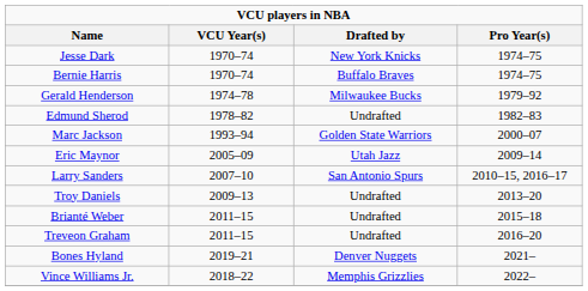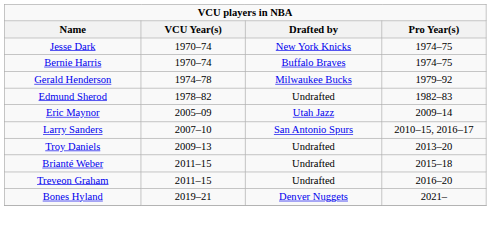 <table class="wikitable sortable" style="text-align:center">
 <tr>
 <td colspan="4"><strong>VCU players in NBA</strong></td>
 </tr>
 <tr>
 <th width=200px>Name</th>
 <th width=150px>VCU Year(s)</th>
 <th width=200px>Drafted by</th>
 <th width=150px>Pro Year(s)</th>
 </tr>
 <tr>
 <td><a href='#'>Jesse Dark</a></td>
 <td>1970–74</td>
 <td><a href='#'>New York Knicks</a></td>
 <td>1974–75</td>
 </tr>
 <tr>
 <td><a href='#'>Bernie Harris</a></td>
 <td>1970–74</td>
 <td><a href='#'>Buffalo Braves</a></td>
 <td>1974–75</td>
 </tr>
 <tr>
 <td><a href='#'>Gerald Henderson</a></td>
 <td>1974–78</td>
 <td><a href='#'>Milwaukee Bucks</a></td>
 <td>1979–92</td>
 </tr>
 <tr>
 <td><a href='#'>Edmund Sherod</a></td>
 <td>1978–82</td>
 <td>Undrafted</td>
 <td>1982–83</td>
-</tr>
-<tr>
-<td><a href='#'>Marc Jackson</a></td>
-<td>1993–94</td>
-<td><a href='#'>Golden State Warriors</a></td>
-<td>2000–07</td>
 </tr>
 <tr>
 <td><a href='#'>Eric Maynor</a></td>
 <td>2005–09</td>
 <td><a href='#'>Utah Jazz</a></td>
 <td>2009–14</td>
 </tr>
 <tr>
 <td><a href='#'>Larry Sanders</a></td>
 <td>2007–10</td>
 <td><a href='#'>San Antonio Spurs</a></td>
 <td>2010–15, 2016–17</td>
 </tr>
 <tr>
 <td><a href='#'>Troy Daniels</a></td>
 <td>2009–13</td>
 <td>Undrafted</td>
 <td>2013–20</td>
 </tr>
 <tr>
 <td><a href='#'>Brianté Weber</a></td>
 <td>2011–15</td>
 <td>Undrafted</td>
 <td>2015–18</td>
 </tr>
 <tr>
 <td><a href='#'>Treveon Graham</a></td>
 <td>2011–15</td>
 <td>Undrafted</td>
 <td>2016–20</td>
 </tr>
 <tr>
 <td><a href='#'>Bones Hyland</a></td>
 <td>2019–21</td>
 <td><a href='#'>Denver Nuggets</a></td>
 <td>2021–</td>
 </tr>
 <tr>
-<td><a href='#'>Vince Williams Jr.</a></td>
-<td>2018–22</td>
-<td><a href='#'>Memphis Grizzlies</a></td>
-<td>2022–</td>
-</tr>
-<tr>
 </tr>
 </table>
